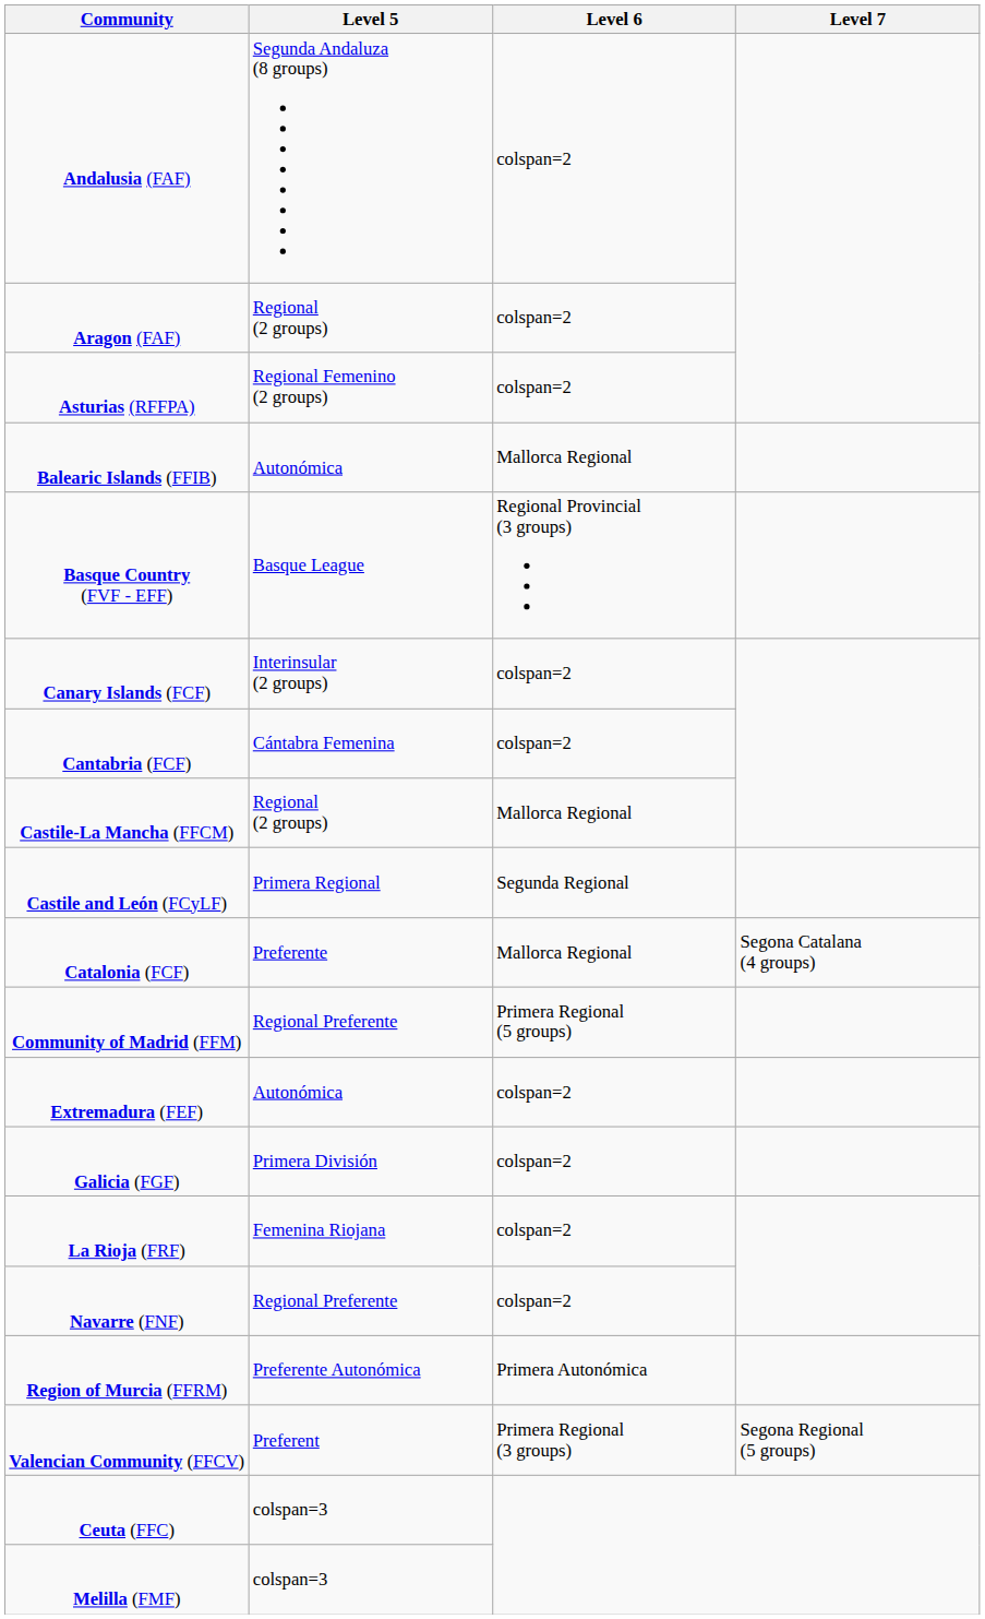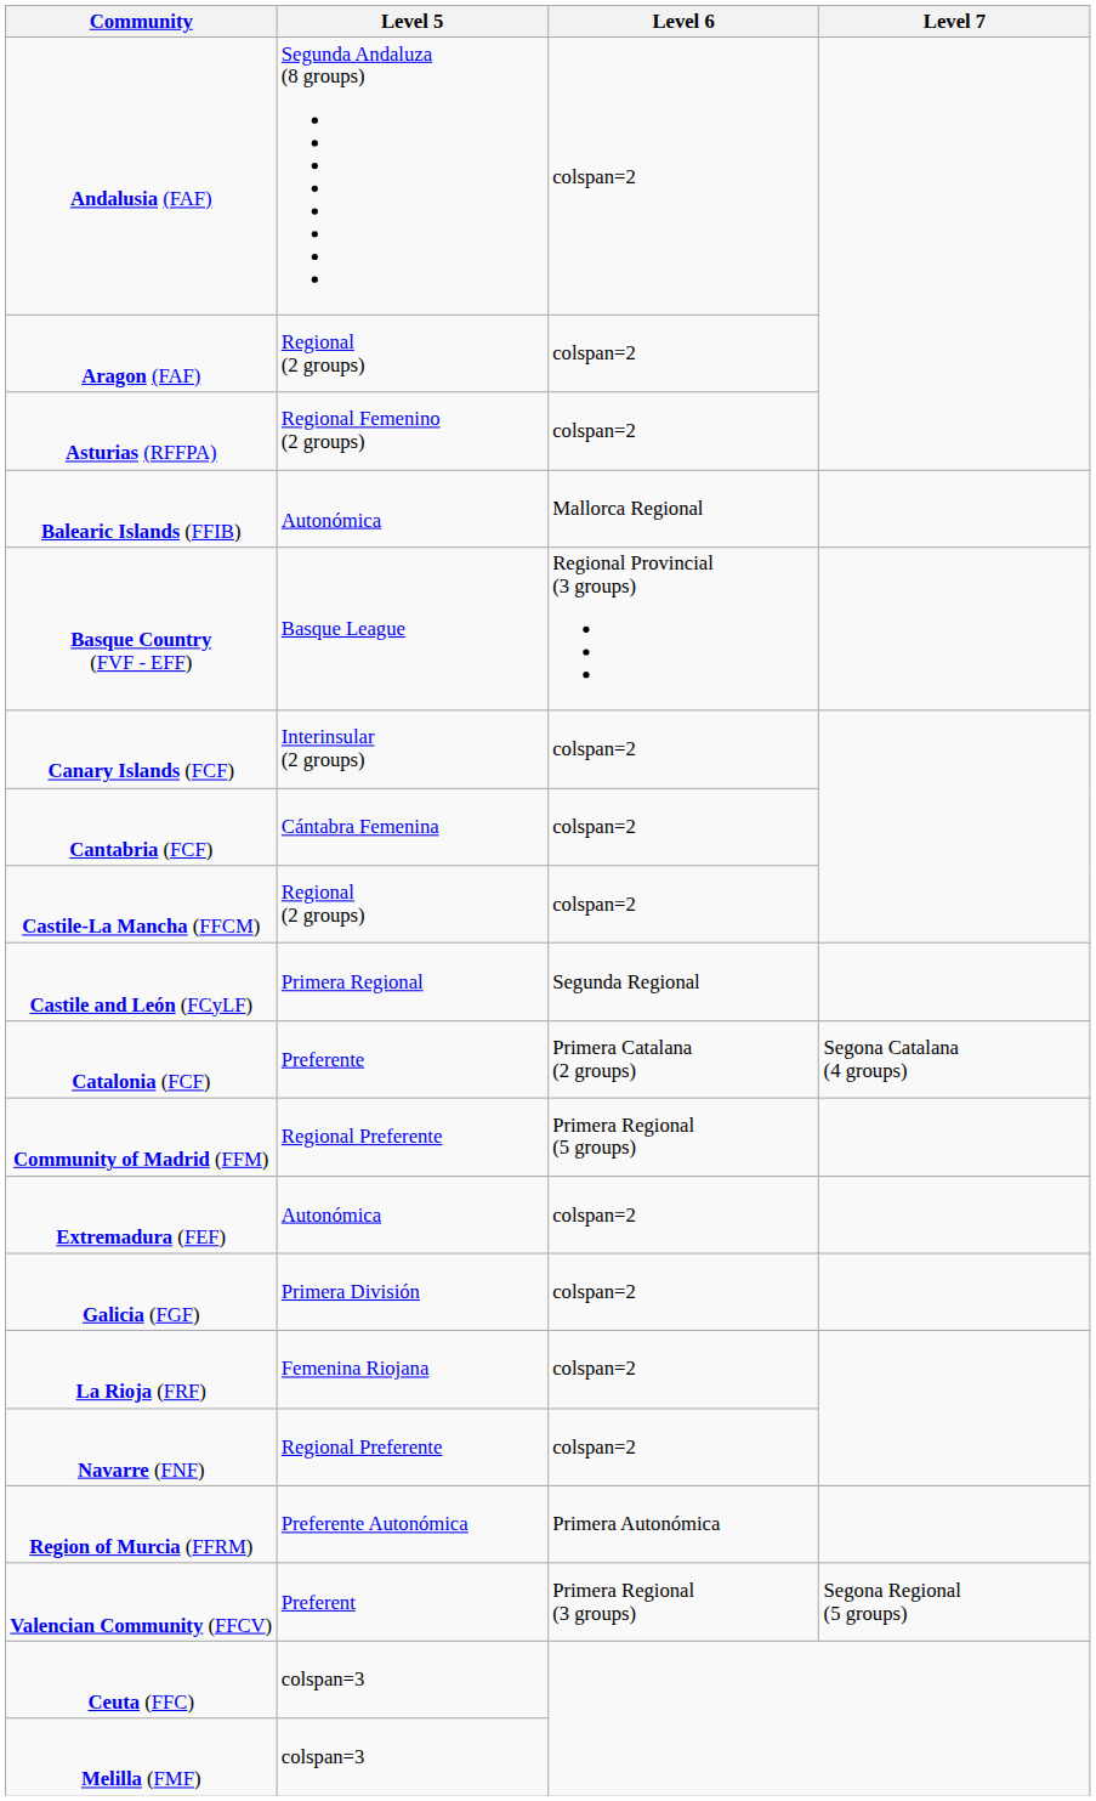 <table class="wikitable sortable">
 <tr>
 <th colspan="2" width=25% align="center"><a href='#'>Community</a></th>
 <th width=25%>Level 5</th>
 <th width=25%>Level 6</th>
 <th width=25%>Level 7</th>
 </tr>
 <tr>
 <td colspan="2" align="center"><br><br><strong><a href='#'>Andalusia</a></strong>  <a href='#'>(FAF)</a></td>
 <td><a href='#'>Segunda Andaluza</a><br>(8 groups)<ul><li></li><li></li><li></li><li></li><li></li><li></li><li></li><li></li></ul></td>
 <td>colspan=2 </td>
 </tr>
 <tr>
 <td colspan="2" align="center"><br><br><strong><a href='#'>Aragon</a></strong> <a href='#'>(FAF)</a></td>
 <td><a href='#'>Regional</a><br>(2 groups)</td>
 <td>colspan=2 </td>
 </tr>
 <tr>
 <td colspan="2" align="center"><br><br><strong><a href='#'>Asturias</a></strong> <a href='#'>(RFFPA)</a></td>
 <td><a href='#'>Regional Femenino</a><br>(2 groups)</td>
 <td>colspan=2 </td>
 </tr>
 <tr>
 <td colspan="2" align="center"><br><br><strong><a href='#'>Balearic Islands</a></strong> (<a href='#'>FFIB</a>)</td>
 <td><br><a href='#'>Autonómica</a></td>
 <td>Mallorca Regional</td>
 <td></td>
 </tr>
 <tr>
 <td colspan=2 align="center"><br><br><strong><a href='#'>Basque Country</a></strong> <br>(<a href='#'>FVF - EFF</a>)</td>
 <td><a href='#'>Basque League</a></td>
 <td>Regional Provincial<br>(3 groups)<ul><li></li><li></li><li></li></ul></td>
 <td></td>
 </tr>
 <tr>
 <td colspan="2" align="center"><br><br><strong><a href='#'>Canary Islands</a></strong> (<a href='#'>FCF</a>)</td>
 <td><a href='#'>Interinsular</a><br>(2 groups)</td>
 <td>colspan=2 </td>
 </tr>
 <tr>
 <td colspan="2" align="center"><br><br><strong><a href='#'>Cantabria</a></strong> (<a href='#'>FCF</a>)</td>
 <td><a href='#'>Cántabra Femenina</a></td>
 <td>colspan=2 </td>
 </tr>
 <tr>
 <td colspan="2" align="center"><br><br><strong><a href='#'>Castile-La Mancha</a></strong> (<a href='#'>FFCM</a>)</td>
 <td><a href='#'>Regional</a><br>(2 groups)</td>
-<td>Mallorca Regional</td>
+<td>colspan=2 </td>
 </tr>
 <tr>
 <td colspan="2" align="center"><br><br><strong><a href='#'>Castile and León</a></strong> (<a href='#'>FCyLF</a>)</td>
 <td><a href='#'>Primera Regional</a></td>
 <td>Segunda Regional</td>
 <td></td>
 </tr>
 <tr>
 <td colspan="2" align="center"><br><br><strong><a href='#'>Catalonia</a></strong> (<a href='#'>FCF</a>)</td>
 <td><a href='#'>Preferente</a></td>
-<td>Mallorca Regional</td>
+<td>Primera Catalana<br>(2 groups)</td>
 <td>Segona Catalana<br>(4 groups)</td>
 </tr>
 <tr>
 <td colspan="2" align="center"><br><br><strong><a href='#'>Community of Madrid</a></strong> (<a href='#'>FFM</a>)</td>
 <td><a href='#'>Regional Preferente</a></td>
 <td>Primera Regional<br>(5 groups)</td>
 <td></td>
 </tr>
 <tr>
 <td colspan="2" align="center"><br><br><strong><a href='#'>Extremadura</a></strong> (<a href='#'>FEF</a>)</td>
 <td><a href='#'>Autonómica</a></td>
 <td>colspan=2 </td>
 </tr>
 <tr>
 <td colspan="2" align="center"><br><br><strong><a href='#'>Galicia</a></strong> (<a href='#'>FGF</a>)</td>
 <td><a href='#'>Primera División</a></td>
 <td>colspan=2 </td>
 <td></td>
 </tr>
 <tr>
 <td colspan="2" align="center"><br><br><strong><a href='#'>La Rioja</a></strong> (<a href='#'>FRF</a>)</td>
 <td><a href='#'>Femenina Riojana</a></td>
 <td>colspan=2 </td>
 </tr>
 <tr>
 <td colspan="2" align="center"><br><br><strong><a href='#'>Navarre</a></strong> (<a href='#'>FNF</a>)</td>
 <td><a href='#'>Regional Preferente</a></td>
 <td>colspan=2 </td>
 </tr>
 <tr>
 <td colspan="2" align="center"><br><br><strong><a href='#'>Region of Murcia</a></strong> (<a href='#'>FFRM</a>)</td>
 <td><a href='#'>Preferente Autonómica</a></td>
 <td>Primera Autonómica</td>
 <td></td>
 </tr>
 <tr>
 <td colspan="2" align="center"><br><br><strong><a href='#'>Valencian Community</a></strong> (<a href='#'>FFCV</a>)</td>
 <td><a href='#'>Preferent</a></td>
 <td>Primera Regional<br>(3 groups)</td>
 <td>Segona Regional<br>(5 groups)</td>
 </tr>
 <tr>
 <td colspan="2" align="center"><br><br><strong><a href='#'>Ceuta</a></strong> (<a href='#'>FFC</a>)</td>
 <td>colspan=3 </td>
 </tr>
 <tr>
 <td colspan="2" align="center"><br><br><strong><a href='#'>Melilla</a></strong> (<a href='#'>FMF</a>)</td>
 <td>colspan=3 </td>
 </tr>
 </table>
